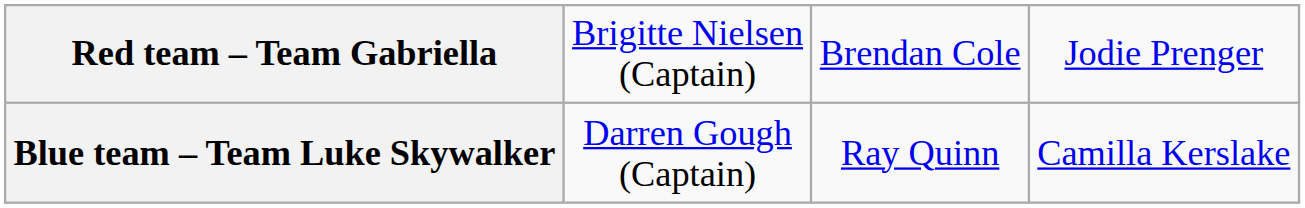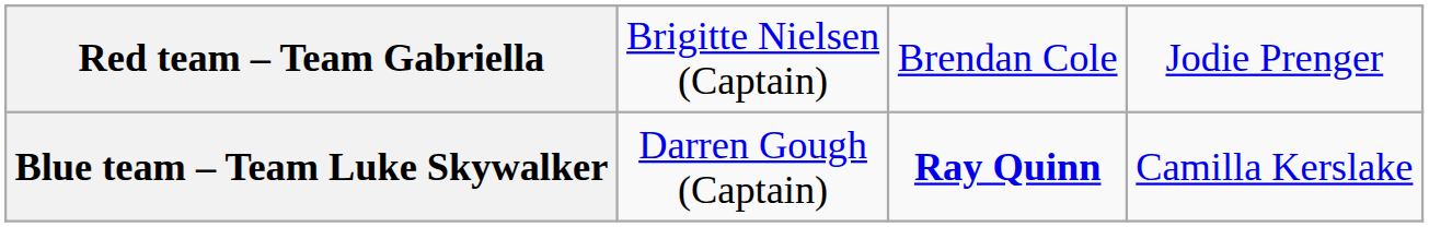 <table class="wikitable" style="text-align:center">
 <tr>
 <th scope="row">Red team – Team Gabriella</th>
 <td><a href='#'>Brigitte Nielsen</a><br>(Captain)</td>
 <td><a href='#'>Brendan Cole</a></td>
 <td><a href='#'>Jodie Prenger</a></td>
 </tr>
 <tr>
 <th scope="row">Blue team – Team Luke Skywalker</th>
 <td><a href='#'>Darren Gough</a><br>(Captain)</td>
-<td><a href='#'>Ray Quinn</a></td>
+<td><strong><a href='#'>Ray Quinn</a></strong></td>
 <td><a href='#'>Camilla Kerslake</a></td>
 </tr>
 </table>
